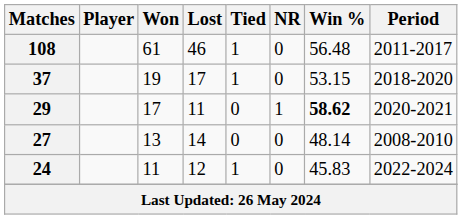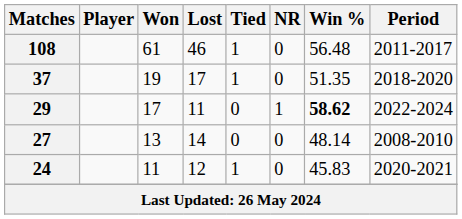 <table class="wikitable sortable" style="text-align:left;font-size:96%;">
 <tr>
 <th>Matches</th>
 <th>Player</th>
 <th>Won</th>
 <th>Lost</th>
 <th>Tied</th>
 <th>NR</th>
 <th>Win %</th>
 <th>Period</th>
 </tr>
 <tr>
 <th scope=row style=text-align:center;>108</th>
 <td></td>
 <td>61</td>
 <td>46</td>
 <td>1</td>
 <td>0</td>
 <td>56.48</td>
 <td>2011-2017</td>
 </tr>
 <tr>
 <th scope=row style=text-align:center;>37</th>
 <td></td>
 <td>19</td>
 <td>17</td>
 <td>1</td>
 <td>0</td>
-<td>53.15</td>
+<td>51.35</td>
 <td>2018-2020</td>
 </tr>
 <tr>
 <th scope=row style=text-align:center;>29</th>
 <td></td>
 <td>17</td>
 <td>11</td>
 <td>0</td>
 <td>1</td>
 <td><strong>58.62</strong></td>
-<td>2020-2021</td>
+<td>2022-2024</td>
 </tr>
 <tr>
 <th scope=row style=text-align:center;>27</th>
 <td></td>
 <td>13</td>
 <td>14</td>
 <td>0</td>
 <td>0</td>
 <td>48.14</td>
 <td>2008-2010</td>
 </tr>
 <tr>
 <th scope=row style=text-align:center;>24</th>
 <td></td>
 <td>11</td>
 <td>12</td>
 <td>1</td>
 <td>0</td>
 <td>45.83</td>
-<td>2022-2024</td>
+<td>2020-2021</td>
 </tr>
 <tr>
 </tr>
 <tr class=sortbottom>
 <th colspan=9><small>Last Updated: 26 May 2024</small></th>
 </tr>
 </table>
